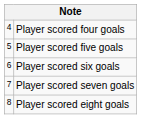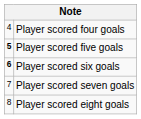 <table class="wikitable">
 <tr>
 <th colspan="2">Note</th>
 </tr>
 <tr>
 <td align="left"><sup>4</sup></td>
 <td align="left">Player scored four goals</td>
 </tr>
 <tr>
-<td align="left"><sup>5</sup></td>
+<td align="left"><strong><sup>5</sup></strong></td>
 <td align="left">Player scored five goals</td>
 </tr>
 <tr>
-<td align="left"><sup>6</sup></td>
+<td align="left"><strong><sup>6</sup></strong></td>
 <td align="left">Player scored six goals</td>
 </tr>
 <tr>
 <td align="left"><sup>7</sup></td>
 <td align="left">Player scored seven goals</td>
 </tr>
 <tr>
 <td align="left"><sup>8</sup></td>
 <td align="left">Player scored eight goals</td>
 </tr>
 </table>
